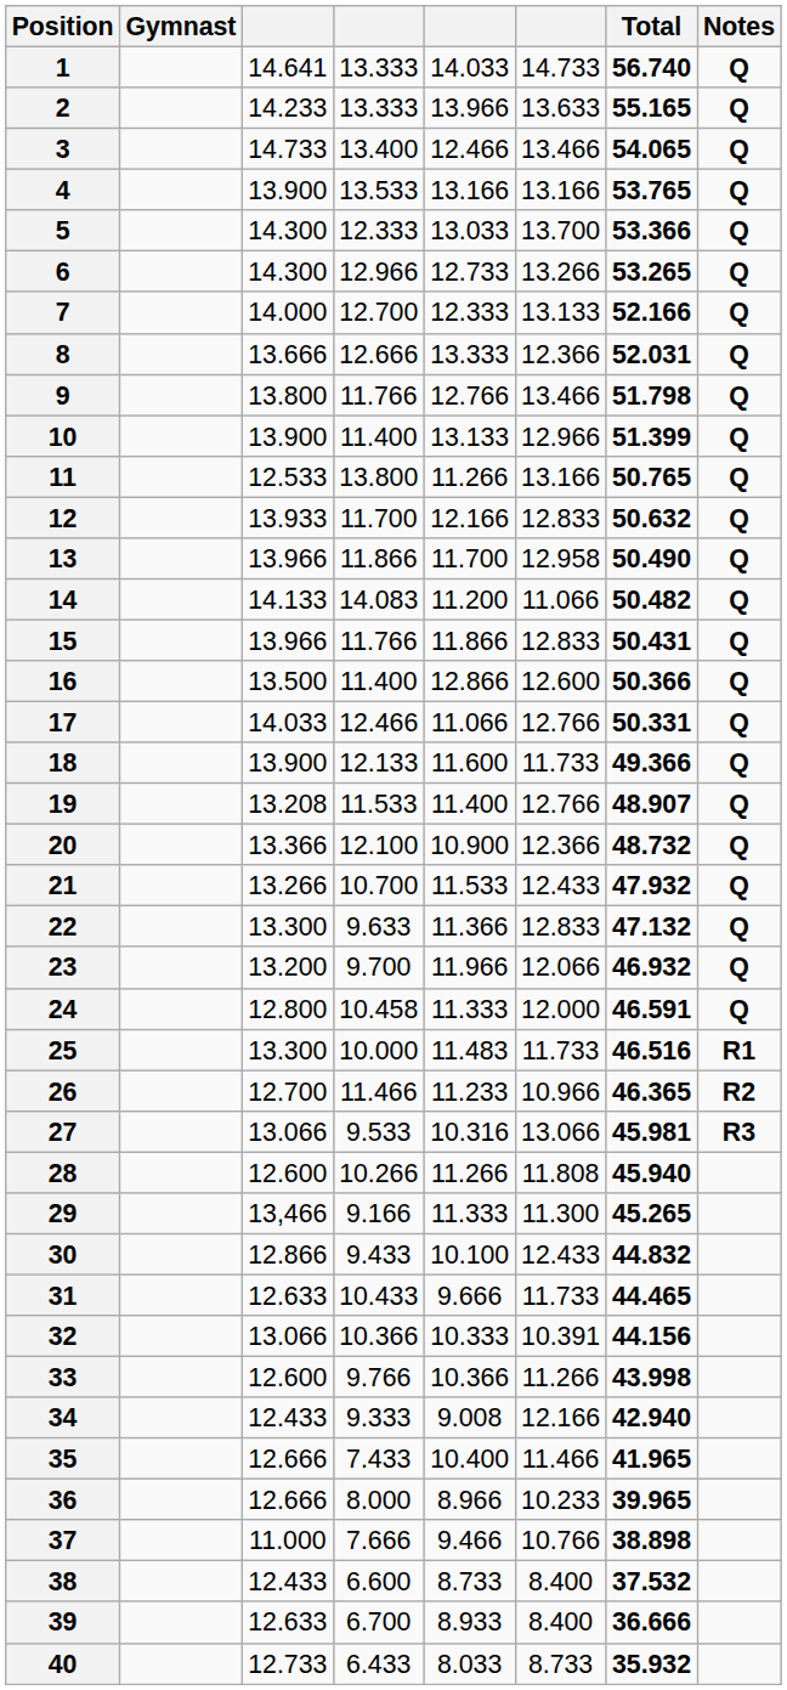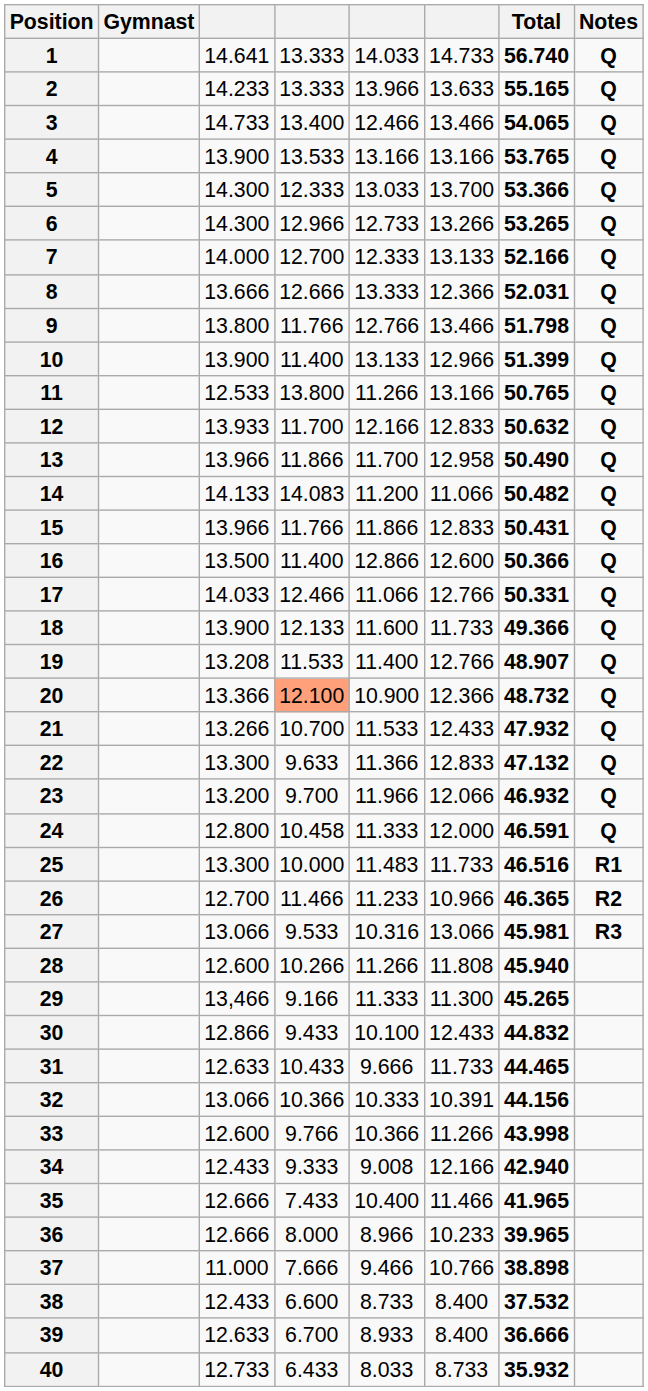 <table class="wikitable sortable" style="text-align:center; font-size:95%">
 <tr>
 <th scope=col>Position</th>
 <th scope=col>Gymnast</th>
 <th scope=col></th>
 <th scope=col></th>
 <th scope=col></th>
 <th scope=col></th>
 <th scope=col>Total</th>
 <th scope=col>Notes</th>
 </tr>
 <tr>
 <th scope=row>1</th>
 <td align=left></td>
 <td>14.641</td>
 <td>13.333</td>
 <td>14.033</td>
 <td>14.733</td>
 <td><strong>56.740</strong></td>
 <td><strong>Q</strong></td>
 </tr>
 <tr>
 <th scope=row>2</th>
 <td align=left></td>
 <td>14.233</td>
 <td>13.333</td>
 <td>13.966</td>
 <td>13.633</td>
 <td><strong>55.165</strong></td>
 <td><strong>Q</strong></td>
 </tr>
 <tr>
 <th scope=row>3</th>
 <td align=left></td>
 <td>14.733</td>
 <td>13.400</td>
 <td>12.466</td>
 <td>13.466</td>
 <td><strong>54.065</strong></td>
 <td><strong>Q</strong></td>
 </tr>
 <tr>
 <th scope=row>4</th>
 <td align=left></td>
 <td>13.900</td>
 <td>13.533</td>
 <td>13.166</td>
 <td>13.166</td>
 <td><strong>53.765</strong></td>
 <td><strong>Q</strong></td>
 </tr>
 <tr>
 <th scope=row>5</th>
 <td align=left></td>
 <td>14.300</td>
 <td>12.333</td>
 <td>13.033</td>
 <td>13.700</td>
 <td><strong>53.366</strong></td>
 <td><strong>Q</strong></td>
 </tr>
 <tr>
 <th scope=row>6</th>
 <td align=left></td>
 <td>14.300</td>
 <td>12.966</td>
 <td>12.733</td>
 <td>13.266</td>
 <td><strong>53.265</strong></td>
 <td><strong>Q</strong></td>
 </tr>
 <tr>
 <th scope=row>7</th>
 <td align=left></td>
 <td>14.000</td>
 <td>12.700</td>
 <td>12.333</td>
 <td>13.133</td>
 <td><strong>52.166</strong></td>
 <td><strong>Q</strong></td>
 </tr>
 <tr>
 <th scope=row>8</th>
 <td align=left></td>
 <td>13.666</td>
 <td>12.666</td>
 <td>13.333</td>
 <td>12.366</td>
 <td><strong>52.031</strong></td>
 <td><strong>Q</strong></td>
 </tr>
 <tr>
 <th scope=row>9</th>
 <td align=left></td>
 <td>13.800</td>
 <td>11.766</td>
 <td>12.766</td>
 <td>13.466</td>
 <td><strong>51.798</strong></td>
 <td><strong>Q</strong></td>
 </tr>
 <tr>
 <th scope=row>10</th>
 <td align=left></td>
 <td>13.900</td>
 <td>11.400</td>
 <td>13.133</td>
 <td>12.966</td>
 <td><strong>51.399</strong></td>
 <td><strong>Q</strong></td>
 </tr>
 <tr>
 <th scope=row>11</th>
 <td align=left></td>
 <td>12.533</td>
 <td>13.800</td>
 <td>11.266</td>
 <td>13.166</td>
 <td><strong>50.765</strong></td>
 <td><strong>Q</strong></td>
 </tr>
 <tr>
 <th scope=row>12</th>
 <td align=left></td>
 <td>13.933</td>
 <td>11.700</td>
 <td>12.166</td>
 <td>12.833</td>
 <td><strong>50.632</strong></td>
 <td><strong>Q</strong></td>
 </tr>
 <tr>
 <th scope=row>13</th>
 <td align=left></td>
 <td>13.966</td>
 <td>11.866</td>
 <td>11.700</td>
 <td>12.958</td>
 <td><strong>50.490</strong></td>
 <td><strong>Q</strong></td>
 </tr>
 <tr>
 <th scope=row>14</th>
 <td align=left></td>
 <td>14.133</td>
 <td>14.083</td>
 <td>11.200</td>
 <td>11.066</td>
 <td><strong>50.482</strong></td>
 <td><strong>Q</strong></td>
 </tr>
 <tr>
 <th scope=row>15</th>
 <td align=left></td>
 <td>13.966</td>
 <td>11.766</td>
 <td>11.866</td>
 <td>12.833</td>
 <td><strong>50.431</strong></td>
 <td><strong>Q</strong></td>
 </tr>
 <tr>
 <th scope=row>16</th>
 <td align=left></td>
 <td>13.500</td>
 <td>11.400</td>
 <td>12.866</td>
 <td>12.600</td>
 <td><strong>50.366</strong></td>
 <td><strong>Q</strong></td>
 </tr>
 <tr>
 <th scope=row>17</th>
 <td align=left></td>
 <td>14.033</td>
 <td>12.466</td>
 <td>11.066</td>
 <td>12.766</td>
 <td><strong>50.331</strong></td>
 <td><strong>Q</strong></td>
 </tr>
 <tr>
 <th scope=row>18</th>
 <td align=left></td>
 <td>13.900</td>
 <td>12.133</td>
 <td>11.600</td>
 <td>11.733</td>
 <td><strong>49.366</strong></td>
 <td><strong>Q</strong></td>
 </tr>
 <tr>
 <th scope=row>19</th>
 <td align=left></td>
 <td>13.208</td>
 <td>11.533</td>
 <td>11.400</td>
 <td>12.766</td>
 <td><strong>48.907</strong></td>
 <td><strong>Q</strong></td>
 </tr>
 <tr>
 <th scope=row>20</th>
 <td align=left></td>
 <td>13.366</td>
-<td>12.100</td>
+<td style="background: lightsalmon;">12.100</td>
 <td>10.900</td>
 <td>12.366</td>
 <td><strong>48.732</strong></td>
 <td><strong>Q</strong></td>
 </tr>
 <tr>
 <th scope=row>21</th>
 <td align=left></td>
 <td>13.266</td>
 <td>10.700</td>
 <td>11.533</td>
 <td>12.433</td>
 <td><strong>47.932</strong></td>
 <td><strong>Q</strong></td>
 </tr>
 <tr>
 <th scope=row>22</th>
 <td align=left></td>
 <td>13.300</td>
 <td>9.633</td>
 <td>11.366</td>
 <td>12.833</td>
 <td><strong>47.132</strong></td>
 <td><strong>Q</strong></td>
 </tr>
 <tr>
 <th scope=row>23</th>
 <td align=left></td>
 <td>13.200</td>
 <td>9.700</td>
 <td>11.966</td>
 <td>12.066</td>
 <td><strong>46.932</strong></td>
 <td><strong>Q</strong></td>
 </tr>
 <tr>
 <th scope=row>24</th>
 <td align=left></td>
 <td>12.800</td>
 <td>10.458</td>
 <td>11.333</td>
 <td>12.000</td>
 <td><strong>46.591</strong></td>
 <td><strong>Q</strong></td>
 </tr>
 <tr>
 <th scope=row>25</th>
 <td align=left></td>
 <td>13.300</td>
 <td>10.000</td>
 <td>11.483</td>
 <td>11.733</td>
 <td><strong>46.516</strong></td>
 <td><strong>R1</strong></td>
 </tr>
 <tr>
 <th scope=row>26</th>
 <td align=left></td>
 <td>12.700</td>
 <td>11.466</td>
 <td>11.233</td>
 <td>10.966</td>
 <td><strong>46.365</strong></td>
 <td><strong>R2</strong></td>
 </tr>
 <tr>
 <th scope=row>27</th>
 <td align=left></td>
 <td>13.066</td>
 <td>9.533</td>
 <td>10.316</td>
 <td>13.066</td>
 <td><strong>45.981</strong></td>
 <td><strong>R3</strong></td>
 </tr>
 <tr>
 <th scope=row>28</th>
 <td align=left></td>
 <td>12.600</td>
 <td>10.266</td>
 <td>11.266</td>
 <td>11.808</td>
 <td><strong>45.940</strong></td>
 <td></td>
 </tr>
 <tr>
 <th scope=row>29</th>
 <td align=left></td>
 <td>13,466</td>
 <td>9.166</td>
 <td>11.333</td>
 <td>11.300</td>
 <td><strong>45.265</strong></td>
 <td></td>
 </tr>
 <tr>
 <th scope=row>30</th>
 <td align=left></td>
 <td>12.866</td>
 <td>9.433</td>
 <td>10.100</td>
 <td>12.433</td>
 <td><strong>44.832</strong></td>
 <td></td>
 </tr>
 <tr>
 <th scope=row>31</th>
 <td align=left></td>
 <td>12.633</td>
 <td>10.433</td>
 <td>9.666</td>
 <td>11.733</td>
 <td><strong>44.465</strong></td>
 <td></td>
 </tr>
 <tr>
 <th scope=row>32</th>
 <td align=left></td>
 <td>13.066</td>
 <td>10.366</td>
 <td>10.333</td>
 <td>10.391</td>
 <td><strong>44.156</strong></td>
 <td></td>
 </tr>
 <tr>
 <th scope=row>33</th>
 <td align=left></td>
 <td>12.600</td>
 <td>9.766</td>
 <td>10.366</td>
 <td>11.266</td>
 <td><strong>43.998</strong></td>
 <td></td>
 </tr>
 <tr>
 <th scope=row>34</th>
 <td align=left></td>
 <td>12.433</td>
 <td>9.333</td>
 <td>9.008</td>
 <td>12.166</td>
 <td><strong>42.940</strong></td>
 <td></td>
 </tr>
 <tr>
 <th scope=row>35</th>
 <td align=left></td>
 <td>12.666</td>
 <td>7.433</td>
 <td>10.400</td>
 <td>11.466</td>
 <td><strong>41.965</strong></td>
 <td></td>
 </tr>
 <tr>
 <th scope=row>36</th>
 <td align=left></td>
 <td>12.666</td>
 <td>8.000</td>
 <td>8.966</td>
 <td>10.233</td>
 <td><strong>39.965</strong></td>
 <td></td>
 </tr>
 <tr>
 <th scope=row>37</th>
 <td align=left></td>
 <td>11.000</td>
 <td>7.666</td>
 <td>9.466</td>
 <td>10.766</td>
 <td><strong>38.898</strong></td>
 <td></td>
 </tr>
 <tr>
 <th scope=row>38</th>
 <td align=left></td>
 <td>12.433</td>
 <td>6.600</td>
 <td>8.733</td>
 <td>8.400</td>
 <td><strong>37.532</strong></td>
 <td></td>
 </tr>
 <tr>
 <th scope=row>39</th>
 <td align=left></td>
 <td>12.633</td>
 <td>6.700</td>
 <td>8.933</td>
 <td>8.400</td>
 <td><strong>36.666</strong></td>
 <td></td>
 </tr>
 <tr>
 <th scope=row>40</th>
 <td align=left></td>
 <td>12.733</td>
 <td>6.433</td>
 <td>8.033</td>
 <td>8.733</td>
 <td><strong>35.932</strong></td>
 <td></td>
 </tr>
 </table>
